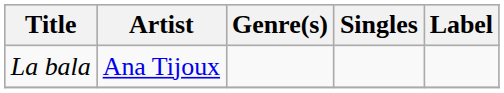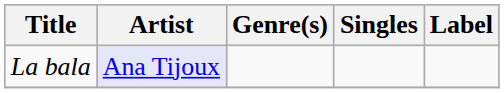 <table class="wikitable sortable" style="text-align: left;">
 <tr>
 <th>Title</th>
 <th>Artist</th>
 <th>Genre(s)</th>
 <th>Singles</th>
 <th>Label</th>
 </tr>
 <tr>
 <td><em>La bala</em></td>
-<td><a href='#'>Ana Tijoux</a></td>
+<td style="background: lavender;"><a href='#'>Ana Tijoux</a></td>
 <td></td>
 <td></td>
 <td></td>
 </tr>
 <tr>
 </tr>
 </table>
